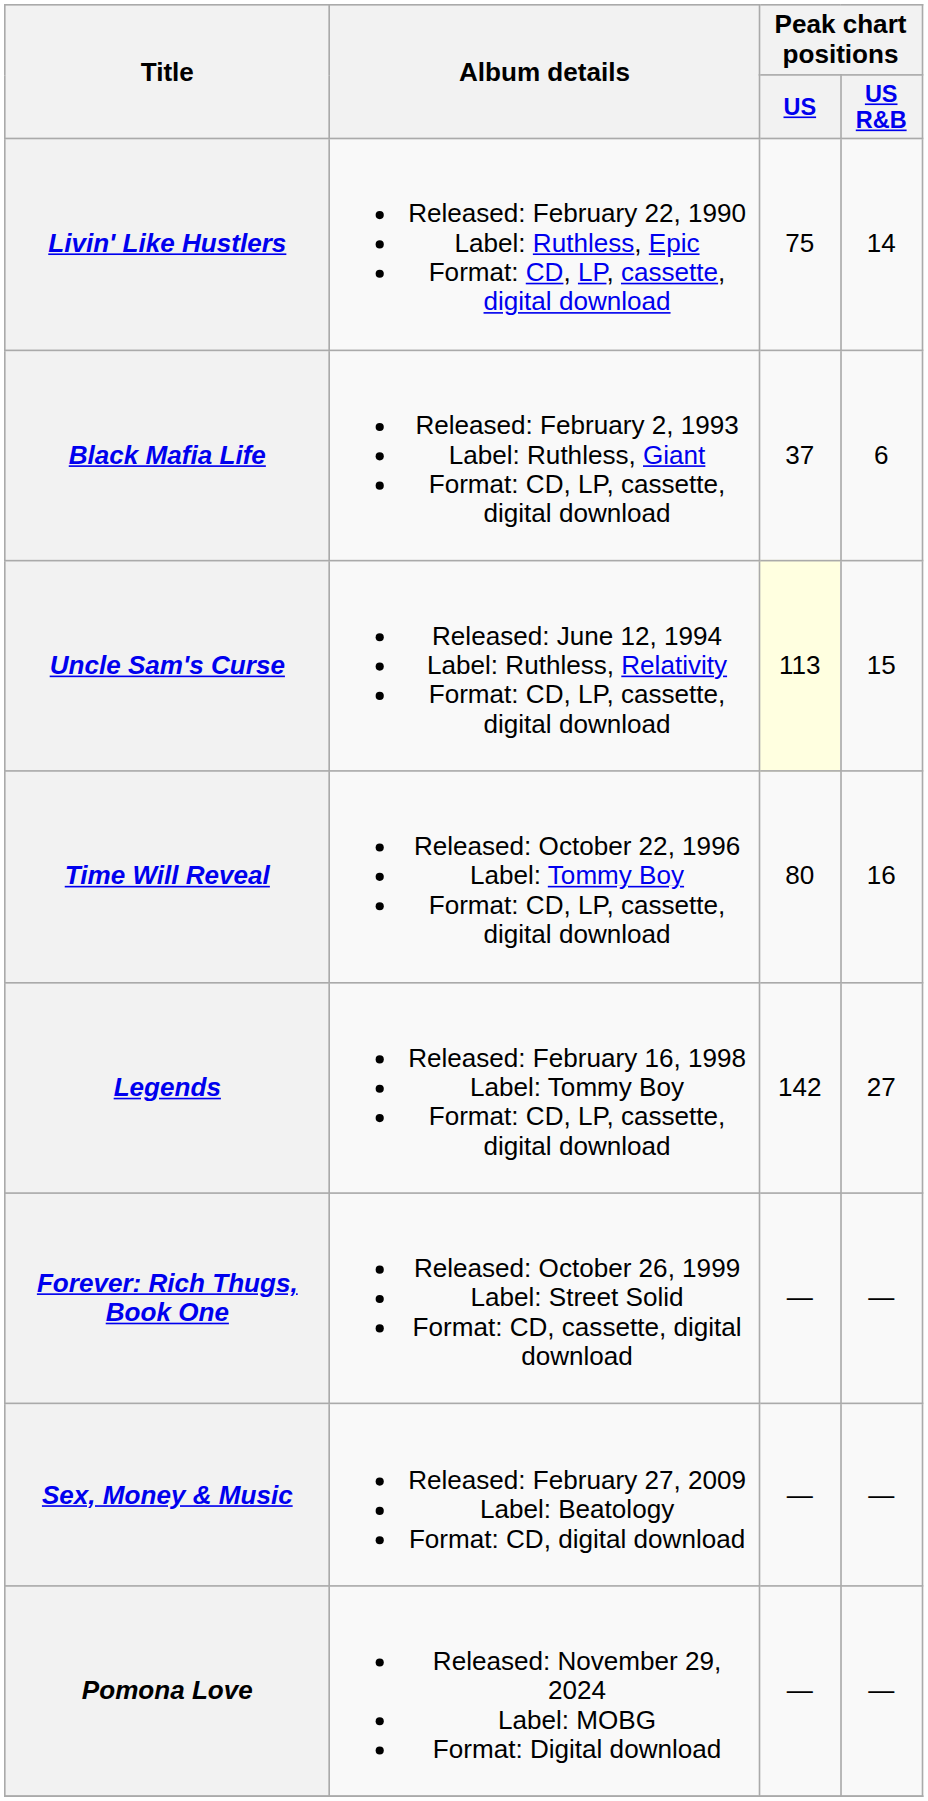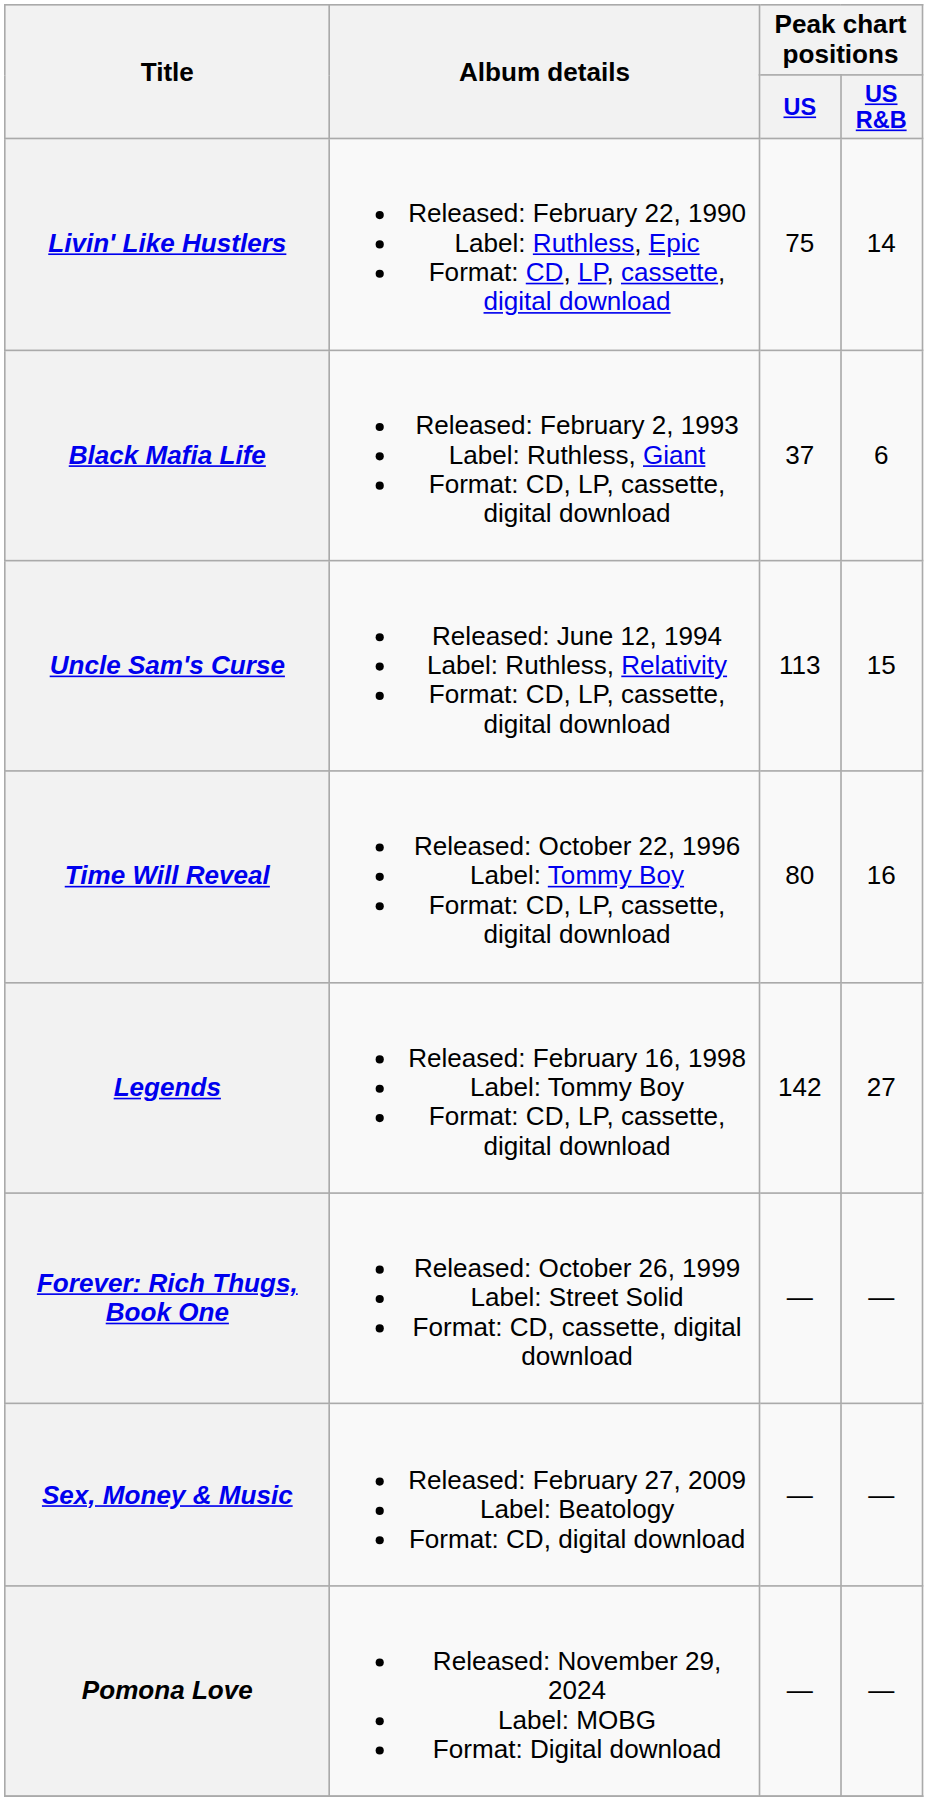 <table class="wikitable plainrowheaders" style="text-align:center;" border="1">
 <tr>
 <th scope="col" rowspan="2" style="width:12em;">Title</th>
 <th scope="col" rowspan="2" style="width:16em;">Album details</th>
 <th colspan="3" scope="col">Peak chart positions</th>
 </tr>
 <tr>
 <th scope="col" style="width:3em;font-size:90%;"><a href='#'>US</a><br></th>
 <th scope="col" style="width:3em;font-size:90%;"><a href='#'>US R&B</a><br></th>
 </tr>
 <tr>
 <th scope="row"><em><a href='#'>Livin' Like Hustlers</a></em></th>
 <td><br><ul><li>Released: February 22, 1990</li><li>Label: <a href='#'>Ruthless</a>, <a href='#'>Epic</a></li><li>Format: <a href='#'>CD</a>, <a href='#'>LP</a>, <a href='#'>cassette</a>, <a href='#'>digital download</a></li></ul></td>
 <td>75</td>
 <td>14</td>
 </tr>
 <tr>
 <th scope="row"><em><a href='#'>Black Mafia Life</a></em></th>
 <td><br><ul><li>Released: February 2, 1993</li><li>Label: Ruthless, <a href='#'>Giant</a></li><li>Format: CD, LP, cassette, digital download</li></ul></td>
 <td>37</td>
 <td>6</td>
 </tr>
 <tr>
 <th scope="row"><em><a href='#'>Uncle Sam's Curse</a></em></th>
 <td><br><ul><li>Released: June 12, 1994</li><li>Label: Ruthless, <a href='#'>Relativity</a></li><li>Format: CD, LP, cassette, digital download</li></ul></td>
-<td style="background: lightyellow;">113</td>
+<td>113</td>
 <td>15</td>
 </tr>
 <tr>
 <th scope="row"><em><a href='#'>Time Will Reveal</a></em></th>
 <td><br><ul><li>Released: October 22, 1996</li><li>Label: <a href='#'>Tommy Boy</a></li><li>Format: CD, LP, cassette, digital download</li></ul></td>
 <td>80</td>
 <td>16</td>
 </tr>
 <tr>
 <th scope="row"><em><a href='#'>Legends</a></em></th>
 <td><br><ul><li>Released: February 16, 1998</li><li>Label: Tommy Boy</li><li>Format: CD, LP, cassette, digital download</li></ul></td>
 <td>142</td>
 <td>27</td>
 </tr>
 <tr>
 <th scope="row"><em><a href='#'>Forever: Rich Thugs, Book One</a></em></th>
 <td><br><ul><li>Released: October 26, 1999</li><li>Label: Street Solid</li><li>Format: CD, cassette, digital download</li></ul></td>
 <td>—</td>
 <td>—</td>
 </tr>
 <tr>
 <th scope="row"><em><a href='#'>Sex, Money & Music</a></em></th>
 <td><br><ul><li>Released: February 27, 2009</li><li>Label: Beatology</li><li>Format: CD, digital download</li></ul></td>
 <td>—</td>
 <td>—</td>
 </tr>
 <tr>
 <th scope="row"><em>Pomona Love</em></th>
 <td><br><ul><li>Released: November 29, 2024</li><li>Label: MOBG</li><li>Format: Digital download</li></ul></td>
 <td>—</td>
 <td>—</td>
 </tr>
 <tr>
 </tr>
 </table>
